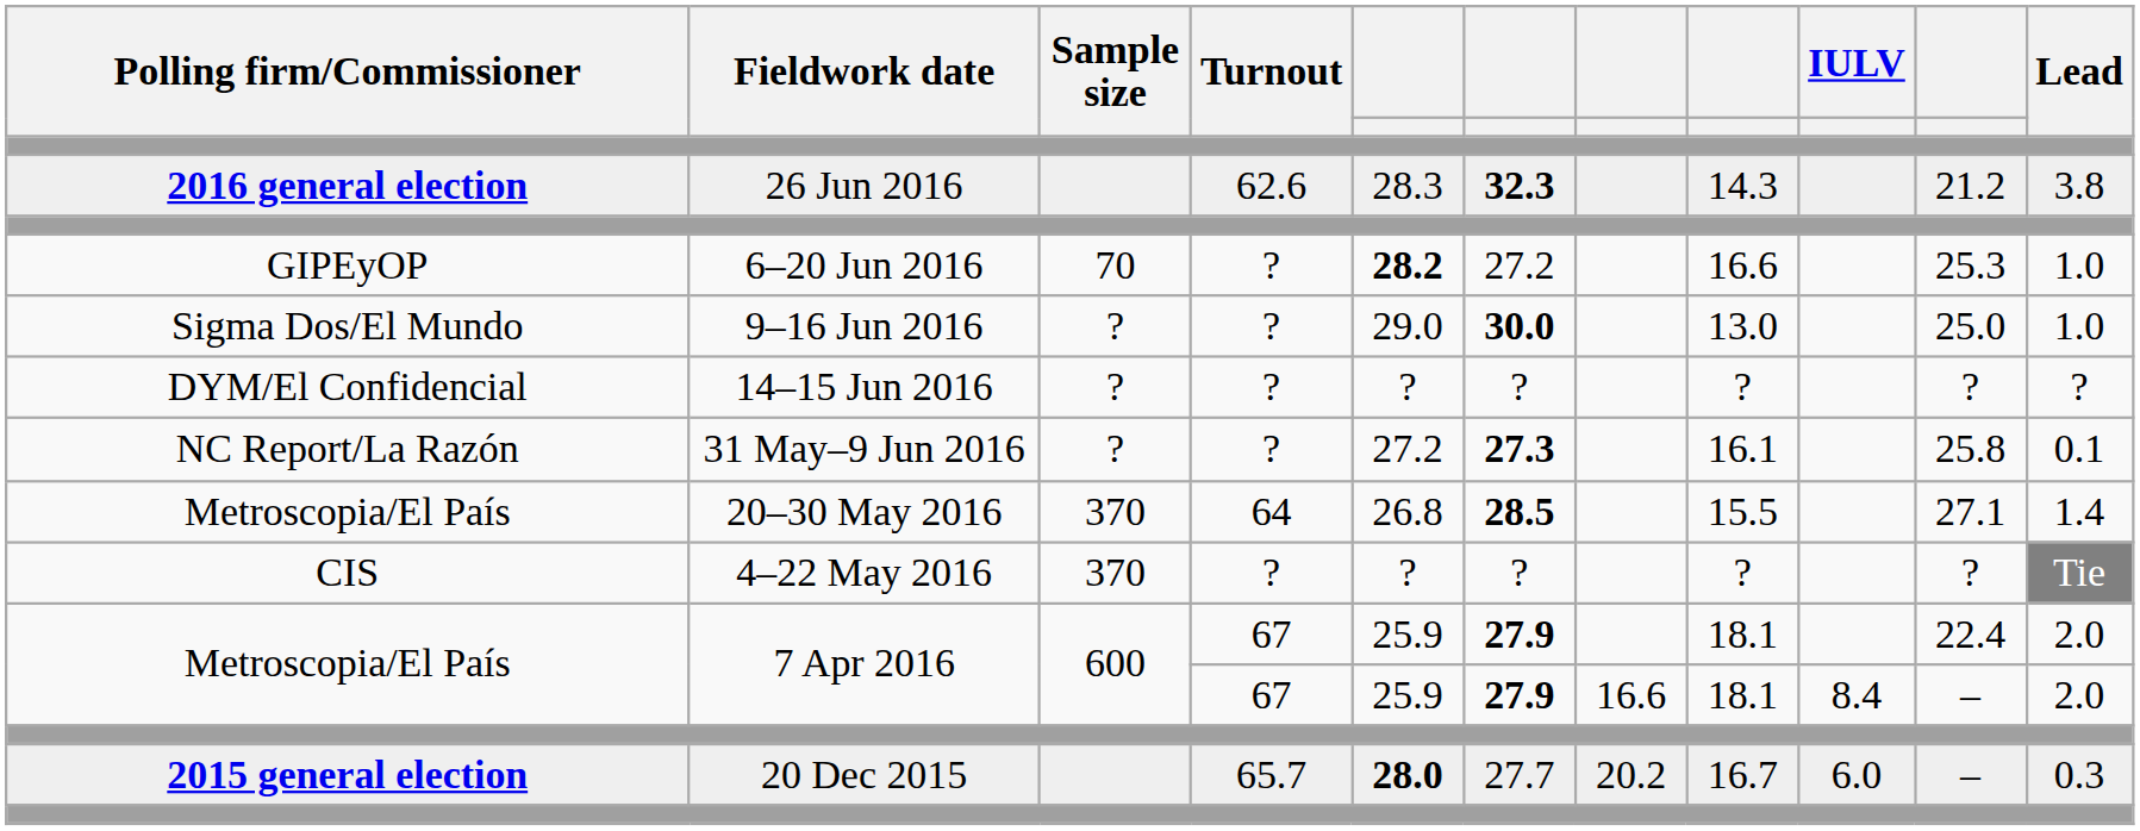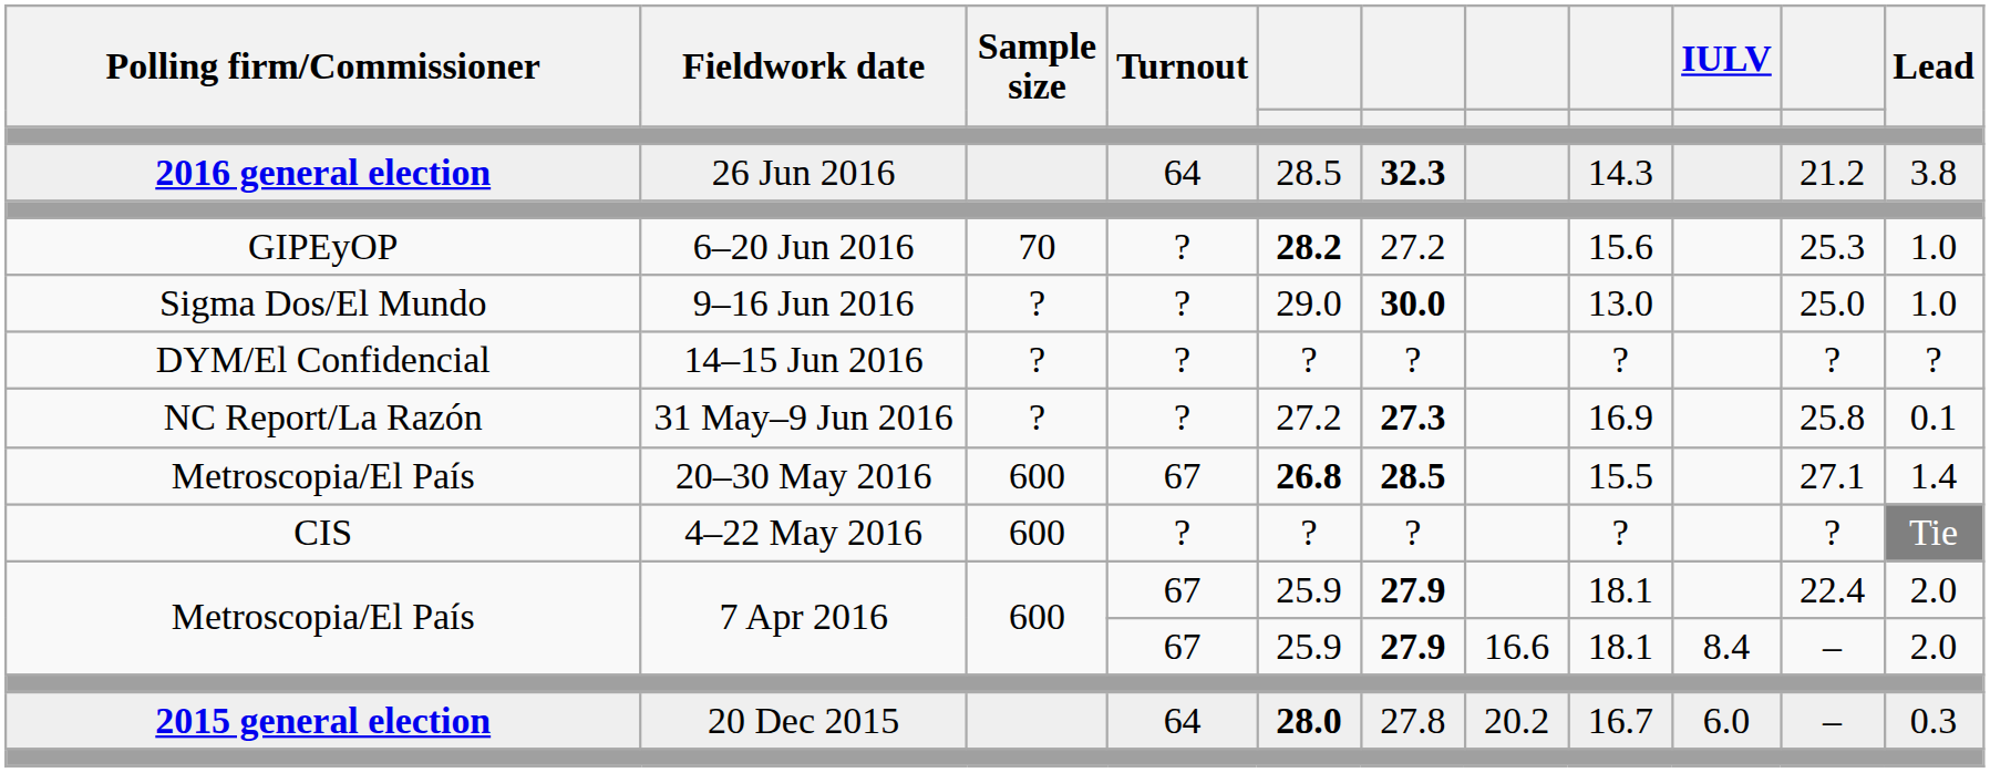 <table class="wikitable collapsible collapsed" style="text-align:center; font-size:95%; line-height:16px;">
 <tr style="height:42px; background-color:#E9E9E9">
 <th style="width:250px;" rowspan="2">Polling firm/Commissioner</th>
 <th style="width:125px;" rowspan="2">Fieldwork date</th>
 <th style="width:50px;" rowspan="2">Sample size</th>
 <th style="width:45px;" rowspan="2">Turnout</th>
 <th style="width:35px;"></th>
 <th style="width:35px;"></th>
 <th style="width:35px;"></th>
 <th style="width:35px;"></th>
 <th style="width:35px;"><a href='#'>IULV</a></th>
 <th style="width:35px;"></th>
 <th style="width:30px;" rowspan="2">Lead</th>
 </tr>
 <tr>
 <th style="color:inherit;background:"></th>
 <th style="color:inherit;background:"></th>
 <th style="color:inherit;background:"></th>
 <th style="color:inherit;background:"></th>
 <th style="color:inherit;background:"></th>
 <th style="color:inherit;background:"></th>
 </tr>
 <tr>
 <td colspan="11" style="background:#A0A0A0"></td>
 </tr>
 <tr style="background:#EFEFEF;">
 <td><strong><a href='#'>2016 general election</a></strong></td>
 <td>26 Jun 2016</td>
 <td></td>
-<td>62.6</td>
-<td>28.3<br></td>
+<td>64</td>
+<td>28.5<br></td>
 <td><strong>32.3</strong><br></td>
 <td></td>
 <td>14.3<br></td>
 <td></td>
 <td>21.2<br></td>
 <td style="background:">3.8</td>
 </tr>
 <tr>
 <td colspan="11" style="background:#A0A0A0"></td>
 </tr>
 <tr>
 <td>GIPEyOP</td>
 <td>6–20 Jun 2016</td>
 <td>70</td>
 <td>?</td>
 <td><strong>28.2</strong><br></td>
 <td>27.2<br></td>
 <td></td>
-<td>16.6<br></td>
+<td>15.6<br></td>
 <td></td>
 <td>25.3<br></td>
 <td style="background:">1.0</td>
 </tr>
 <tr>
 <td>Sigma Dos/El Mundo</td>
 <td>9–16 Jun 2016</td>
 <td>?</td>
 <td>?</td>
 <td>29.0<br></td>
 <td><strong>30.0</strong><br></td>
 <td></td>
 <td>13.0<br></td>
 <td></td>
 <td>25.0<br></td>
 <td style="background:">1.0</td>
 </tr>
 <tr>
 <td>DYM/El Confidencial</td>
 <td>14–15 Jun 2016</td>
 <td>?</td>
 <td>?</td>
 <td>?<br></td>
 <td>?<br></td>
 <td></td>
 <td>?<br></td>
 <td></td>
 <td>?<br></td>
 <td style="background:">?</td>
 </tr>
 <tr>
 <td>NC Report/La Razón</td>
 <td>31 May–9 Jun 2016</td>
 <td>?</td>
 <td>?</td>
 <td>27.2<br></td>
 <td><strong>27.3</strong><br></td>
 <td></td>
-<td>16.1<br></td>
+<td>16.9<br></td>
 <td></td>
 <td>25.8<br></td>
 <td style="background:">0.1</td>
 </tr>
 <tr>
 <td>Metroscopia/El País</td>
 <td>20–30 May 2016</td>
-<td>370</td>
-<td>64</td>
-<td>26.8<br></td>
+<td>600</td>
+<td>67</td>
+<td><strong>26.8<br></strong></td>
 <td><strong>28.5</strong><br></td>
 <td></td>
 <td>15.5<br></td>
 <td></td>
 <td>27.1<br></td>
 <td style="background:">1.4</td>
 </tr>
 <tr>
 <td>CIS</td>
 <td>4–22 May 2016</td>
-<td>370</td>
+<td>600</td>
 <td>?</td>
 <td>?<br></td>
 <td>?<br></td>
 <td></td>
 <td>?<br></td>
 <td></td>
 <td>?<br></td>
 <td style="background:gray;color:white;">Tie</td>
 </tr>
 <tr>
 <td rowspan="2">Metroscopia/El País</td>
 <td rowspan="2">7 Apr 2016</td>
 <td rowspan="2">600</td>
 <td>67</td>
 <td>25.9<br></td>
 <td><strong>27.9</strong><br></td>
 <td></td>
 <td>18.1<br></td>
 <td></td>
 <td>22.4<br></td>
 <td style="background:">2.0</td>
 </tr>
 <tr>
 <td>67</td>
 <td>25.9<br></td>
 <td><strong>27.9</strong><br></td>
 <td>16.6<br></td>
 <td>18.1<br></td>
 <td>8.4<br></td>
 <td>–</td>
 <td style="background:">2.0</td>
 </tr>
 <tr>
 <td colspan="11" style="background:#A0A0A0"></td>
 </tr>
 <tr style="background:#EFEFEF;">
 <td><strong><a href='#'>2015 general election</a></strong></td>
 <td>20 Dec 2015</td>
 <td></td>
-<td>65.7</td>
+<td>64</td>
 <td><strong>28.0</strong><br></td>
-<td>27.7<br></td>
+<td>27.8<br></td>
 <td>20.2<br></td>
 <td>16.7<br></td>
 <td>6.0<br></td>
 <td>–</td>
 <td style="background:">0.3</td>
 </tr>
 <tr>
 <td colspan="11" style="background:#A0A0A0"></td>
 </tr>
 </table>
